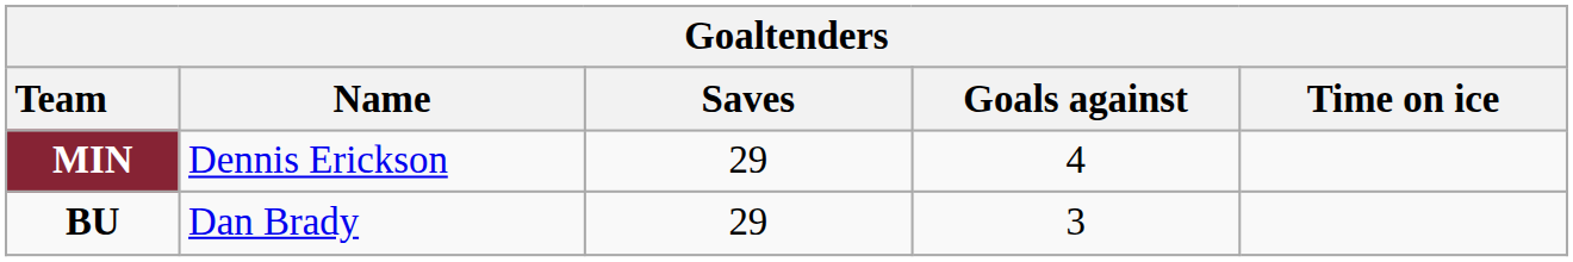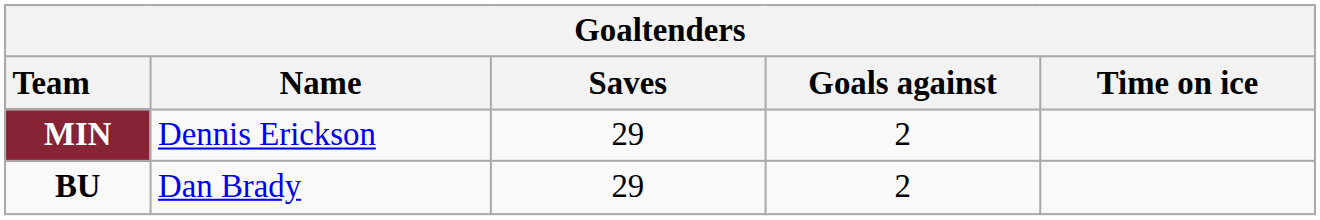 <table class="wikitable" style="width:40em; text-align:right;">
 <tr>
 <th colspan=5>Goaltenders</th>
 </tr>
 <tr>
 <th style="width:4em; text-align:left;">Team</th>
 <th style="width:10em;">Name</th>
 <th style="width:8em;">Saves</th>
 <th style="width:8em;">Goals against</th>
 <th style="width:8em;">Time on ice</th>
 </tr>
 <tr>
 <td align=center style="color:white; background:#862334; "><strong>MIN</strong></td>
 <td style="text-align:left;"><a href='#'>Dennis Erickson</a></td>
 <td align=center>29</td>
-<td align=center>4</td>
+<td align=center>2</td>
 <td align=center></td>
 </tr>
 <tr>
 <td align=center><strong>BU</strong></td>
 <td style="text-align:left;"><a href='#'>Dan Brady</a></td>
 <td align=center>29</td>
-<td align=center>3</td>
+<td align=center>2</td>
 <td align=center></td>
 </tr>
 </table>
